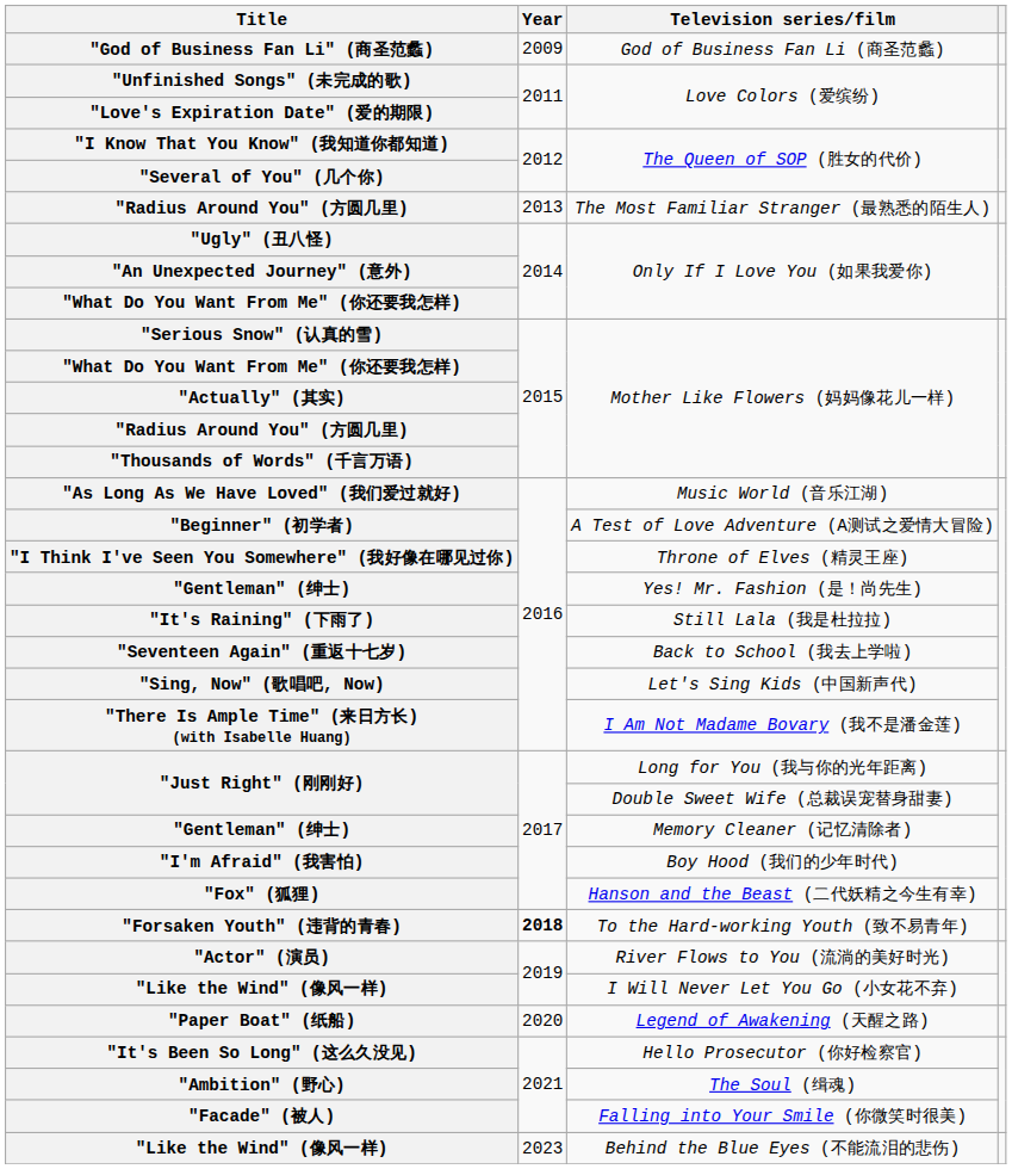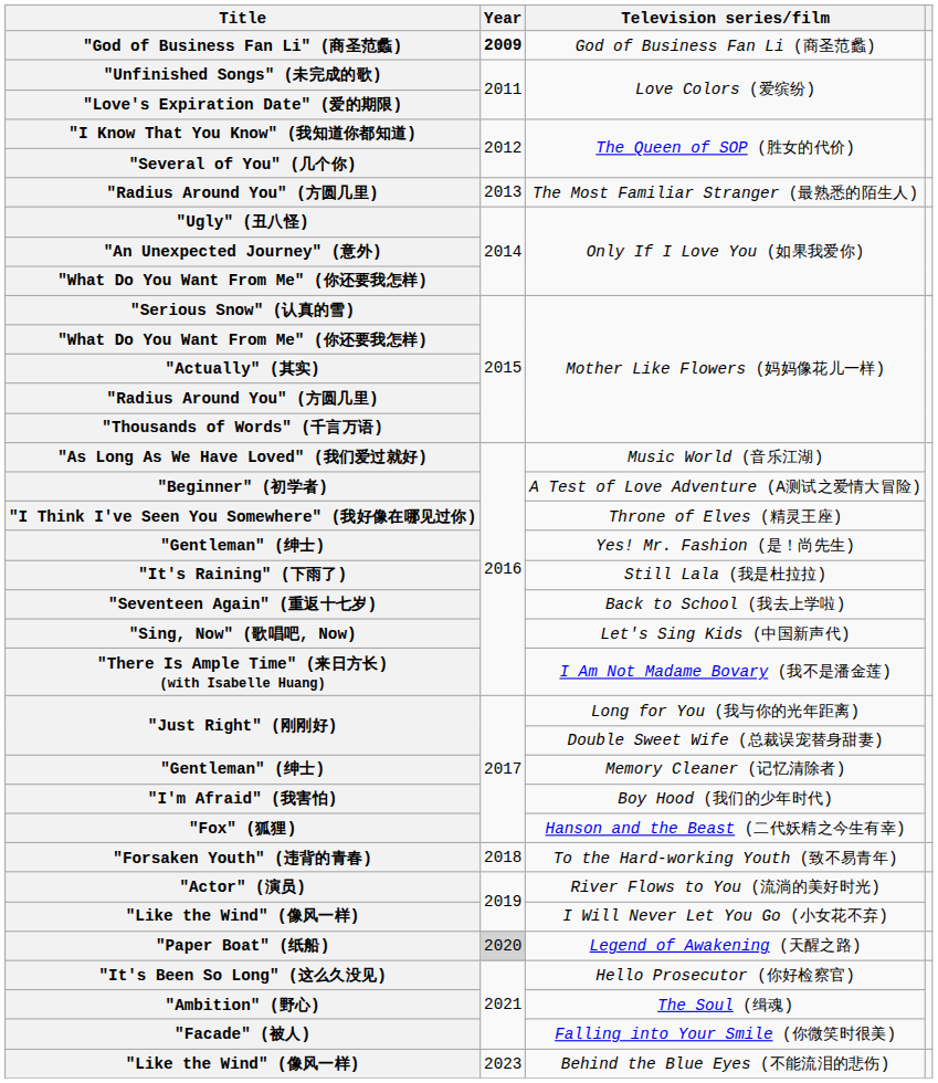 <table class="wikitable plainrowheaders" style="text-align:center;">
 <tr>
 <th scope="col">Title</th>
 <th scope="col">Year</th>
 <th scope="col">Television series/film</th>
 <th scope="col"></th>
 </tr>
 <tr>
 <th scope="row">"God of Business Fan Li" (商圣范蠡)</th>
-<td>2009</td>
+<td><strong>2009</strong></td>
 <td><em>God of Business Fan Li</em> (商圣范蠡)</td>
 <td></td>
 </tr>
 <tr>
 <th scope="row">"Unfinished Songs" (未完成的歌)</th>
 <td rowspan="2">2011</td>
 <td rowspan="2"><em>Love Colors</em> (爱缤纷)</td>
 <td rowspan="2"></td>
 </tr>
 <tr>
 <th scope="row">"Love's Expiration Date" (爱的期限)</th>
 </tr>
 <tr>
 <th scope="row">"I Know That You Know" (我知道你都知道)</th>
 <td rowspan="2">2012</td>
 <td rowspan="2"><em><a href='#'>The Queen of SOP</a></em> (胜女的代价)</td>
 <td rowspan="2"></td>
 </tr>
 <tr>
 <th scope="row">"Several of You" (几个你)</th>
 </tr>
 <tr>
 <th scope="row">"Radius Around You" (方圆几里)</th>
 <td>2013</td>
 <td><em>The Most Familiar Stranger</em> (最熟悉的陌生人)</td>
 <td></td>
 </tr>
 <tr>
 <th scope="row">"Ugly" (丑八怪)</th>
 <td rowspan="3">2014</td>
 <td rowspan="3"><em>Only If I Love You</em> (如果我爱你)</td>
 <td rowspan="3"></td>
 </tr>
 <tr>
 <th scope="row">"An Unexpected Journey" (意外)</th>
 </tr>
 <tr>
 <th scope="row">"What Do You Want From Me" (你还要我怎样)</th>
 </tr>
 <tr>
 <th scope="row">"Serious Snow" (认真的雪)</th>
 <td rowspan="5">2015</td>
 <td rowspan="5"><em>Mother Like Flowers</em> (妈妈像花儿一样)</td>
 <td rowspan="5"></td>
 </tr>
 <tr>
 <th scope="row">"What Do You Want From Me" (你还要我怎样)</th>
 </tr>
 <tr>
 <th scope="row">"Actually" (其实)</th>
 </tr>
 <tr>
 <th scope="row">"Radius Around You" (方圆几里)</th>
 </tr>
 <tr>
 <th scope="row">"Thousands of Words" (千言万语)</th>
 </tr>
 <tr>
 <th scope="row">"As Long As We Have Loved" (我们爱过就好)</th>
 <td rowspan="8">2016</td>
 <td><em>Music World</em> (音乐江湖)</td>
 <td rowspan="8"></td>
 </tr>
 <tr>
 <th scope="row">"Beginner" (初学者)</th>
 <td><em>A Test of Love Adventure</em> (A测试之爱情大冒险)</td>
 </tr>
 <tr>
 <th scope="row">"I Think I've Seen You Somewhere" (我好像在哪见过你)</th>
 <td><em>Throne of Elves</em> (精灵王座)</td>
 </tr>
 <tr>
 <th scope="row">"Gentleman" (绅士)</th>
 <td><em>Yes! Mr. Fashion</em> (是！尚先生)</td>
 </tr>
 <tr>
 <th scope="row">"It's Raining" (下雨了)</th>
 <td><em>Still Lala</em> (我是杜拉拉)</td>
 </tr>
 <tr>
 <th scope="row">"Seventeen Again" (重返十七岁)</th>
 <td><em>Back to School</em> (我去上学啦)</td>
 </tr>
 <tr>
 <th scope="row">"Sing, Now" (歌唱吧, Now)</th>
 <td><em>Let's Sing Kids</em> (中国新声代)</td>
 </tr>
 <tr>
 <th scope="row">"There Is Ample Time" (来日方长)<br><small>(with Isabelle Huang)</small></th>
 <td><em><a href='#'>I Am Not Madame Bovary</a></em> (我不是潘金莲)</td>
 </tr>
 <tr>
 <th rowspan="2" scope="row">"Just Right" (刚刚好)</th>
 <td rowspan="5">2017</td>
 <td><em>Long for You</em> (我与你的光年距离)</td>
 <td rowspan="5"></td>
 </tr>
 <tr>
 <td><em>Double Sweet Wife</em> (总裁误宠替身甜妻)</td>
 </tr>
 <tr>
 <th scope="row">"Gentleman" (绅士)</th>
 <td><em>Memory Cleaner</em> (记忆清除者)</td>
 </tr>
 <tr>
 <th scope="row">"I'm Afraid" (我害怕)</th>
 <td><em>Boy Hood</em> (我们的少年时代)</td>
 </tr>
 <tr>
 <th scope="row">"Fox" (狐狸)</th>
 <td><em><a href='#'>Hanson and the Beast</a></em> (二代妖精之今生有幸)</td>
 </tr>
 <tr>
 <th scope="row">"Forsaken Youth" (违背的青春)</th>
-<td><strong>2018</strong></td>
+<td>2018</td>
 <td><em>To the Hard-working Youth</em> (致不易青年)</td>
 <td></td>
 </tr>
 <tr>
 <th scope="row">"Actor" (演员)</th>
 <td rowspan="2">2019</td>
 <td><em>River Flows to You</em> (流淌的美好时光)</td>
 <td rowspan="2"></td>
 </tr>
 <tr>
 <th scope="row">"Like the Wind" (像风一样)</th>
 <td><em>I Will Never Let You Go</em> (小女花不弃)</td>
 </tr>
 <tr>
 <th scope="row">"Paper Boat" (纸船)</th>
-<td>2020</td>
+<td style="background: lightgrey;">2020</td>
 <td><em><a href='#'>Legend of Awakening</a></em> (天醒之路)</td>
 <td></td>
 </tr>
 <tr>
 <th scope="row">"It's Been So Long" (这么久没见)</th>
 <td rowspan="3">2021</td>
 <td><em>Hello Prosecutor</em> (你好检察官)</td>
 <td rowspan="3"></td>
 </tr>
 <tr>
 <th scope="row">"Ambition" (野心)</th>
 <td><a href='#'><em>The Soul</em></a> (缉魂)</td>
 </tr>
 <tr>
 <th scope="row">"Facade" (被人)</th>
 <td><em><a href='#'>Falling into Your Smile</a></em> (你微笑时很美)</td>
 </tr>
 <tr>
 <th scope="row">"Like the Wind" (像风一样)</th>
 <td>2023</td>
 <td><em>Behind the Blue Eyes</em> (不能流泪的悲伤)</td>
 <td></td>
 </tr>
 </table>
